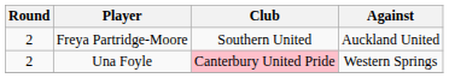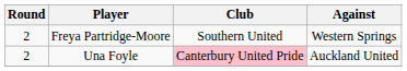 <table class="wikitable" style="text-align:center;">
 <tr>
 <th>Round</th>
 <th>Player</th>
 <th>Club</th>
 <th>Against</th>
 </tr>
 <tr>
 <td>2</td>
 <td>Freya Partridge-Moore</td>
 <td>Southern United</td>
-<td>Auckland United</td>
+<td>Western Springs</td>
 </tr>
 <tr>
 <td>2</td>
 <td>Una Foyle</td>
 <td style="background: pink;">Canterbury United Pride</td>
-<td>Western Springs</td>
+<td>Auckland United</td>
 </tr>
 <tr>
 </tr>
 </table>
